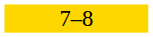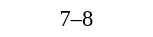 <table style="text-align:center">
 <tr>
 <th width=200></th>
 <th width=100></th>
 <th width=200></th>
 </tr>
 <tr>
 <td align=right></td>
-<td style="background: gold;">7–8</td>
+<td>7–8</td>
 <td align=left><strong></strong></td>
 </tr>
 </table>
